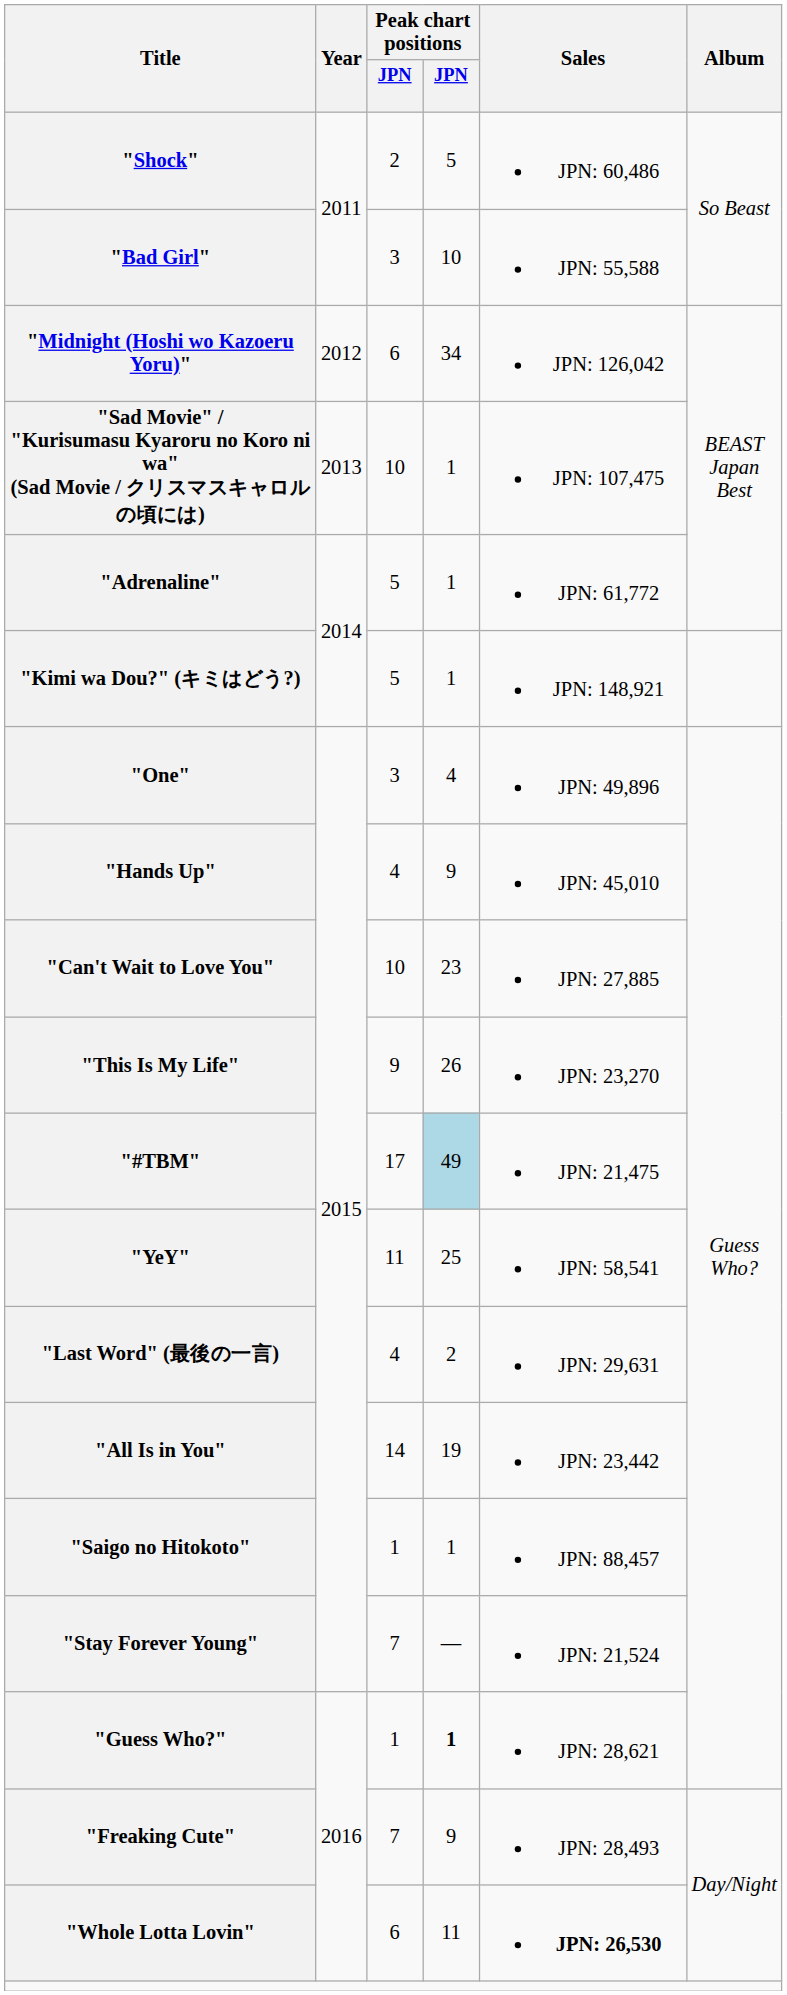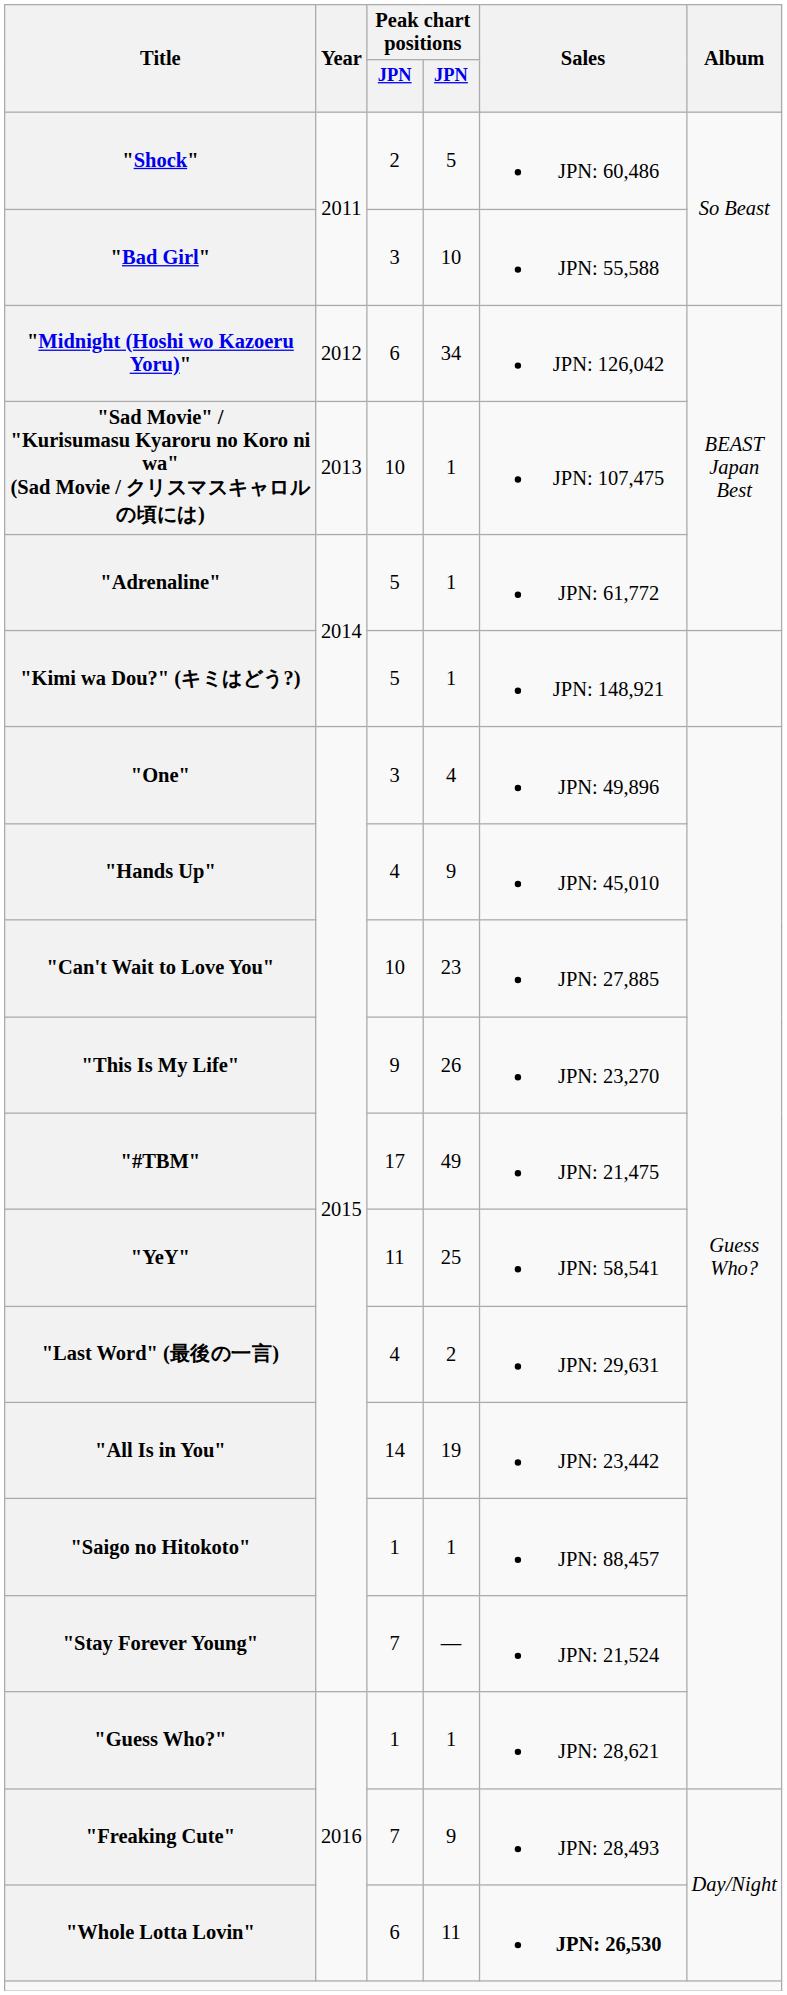 <table class="wikitable plainrowheaders" style="text-align:center;">
 <tr>
 <th scope="col" rowspan="2" style="width:20em;">Title</th>
 <th scope="col" rowspan="2">Year</th>
 <th colspan="2">Peak chart positions</th>
 <th scope="col" rowspan="2" style="width:12em;">Sales</th>
 <th scope="col" rowspan="2">Album</th>
 </tr>
 <tr>
 <th scope="col" style="width:3em;font-size:90%;"><a href='#'>JPN<br></a><br></th>
 <th scope="col" style="width:3em;font-size:90%;"><a href='#'>JPN<br></a><br></th>
 </tr>
 <tr>
 <th scope="row">"<a href='#'>Shock</a>"</th>
 <td rowspan="2">2011</td>
 <td>2</td>
 <td>5</td>
 <td><br><ul><li>JPN: 60,486</li></ul></td>
 <td rowspan="2"><em>So Beast</em></td>
 </tr>
 <tr>
 <th scope="row">"<a href='#'>Bad Girl</a>"</th>
 <td>3</td>
 <td>10</td>
 <td><br><ul><li>JPN: 55,588</li></ul></td>
 </tr>
 <tr>
 <th scope="row">"<a href='#'>Midnight (Hoshi wo Kazoeru Yoru)</a>"</th>
 <td>2012</td>
 <td>6</td>
 <td>34</td>
 <td><br><ul><li>JPN: 126,042</li></ul></td>
 <td rowspan="3"><em>BEAST Japan Best</em></td>
 </tr>
 <tr>
 <th scope="row">"Sad Movie" /<br>"Kurisumasu Kyaroru no Koro ni wa"<br>(Sad Movie / クリスマスキャロルの頃には)</th>
 <td>2013</td>
 <td>10</td>
 <td>1</td>
 <td><br><ul><li>JPN: 107,475</li></ul></td>
 </tr>
 <tr>
 <th scope="row">"Adrenaline"</th>
 <td rowspan="2">2014</td>
 <td>5</td>
 <td>1</td>
 <td><br><ul><li>JPN: 61,772</li></ul></td>
 </tr>
 <tr>
 <th scope="row">"Kimi wa Dou?" (キミはどう?)</th>
 <td>5</td>
 <td>1</td>
 <td><br><ul><li>JPN: 148,921</li></ul></td>
 <td></td>
 </tr>
 <tr>
 <th scope="row">"One"</th>
 <td rowspan="10">2015</td>
 <td>3</td>
 <td>4</td>
 <td><br><ul><li>JPN: 49,896</li></ul></td>
 <td rowspan="11"><em>Guess Who?</em></td>
 </tr>
 <tr>
 <th scope="row">"Hands Up"</th>
 <td>4</td>
 <td>9</td>
 <td><br><ul><li>JPN: 45,010</li></ul></td>
 </tr>
 <tr>
 <th scope="row">"Can't Wait to Love You"</th>
 <td>10</td>
 <td>23</td>
 <td><br><ul><li>JPN: 27,885</li></ul></td>
 </tr>
 <tr>
 <th scope="row">"This Is My Life"</th>
 <td>9</td>
 <td>26</td>
 <td><br><ul><li>JPN: 23,270</li></ul></td>
 </tr>
 <tr>
 <th scope="row">"#TBM"</th>
 <td>17</td>
-<td style="background: lightblue;">49</td>
+<td>49</td>
 <td><br><ul><li>JPN: 21,475</li></ul></td>
 </tr>
 <tr>
 <th scope="row">"YeY"</th>
 <td>11</td>
 <td>25</td>
 <td><br><ul><li>JPN: 58,541</li></ul></td>
 </tr>
 <tr>
 <th scope="row">"Last Word" (最後の一言)</th>
 <td>4</td>
 <td>2</td>
 <td><br><ul><li>JPN: 29,631</li></ul></td>
 </tr>
 <tr>
 <th scope="row">"All Is in You"</th>
 <td>14</td>
 <td>19</td>
 <td><br><ul><li>JPN: 23,442</li></ul></td>
 </tr>
 <tr>
 <th scope="row">"Saigo no Hitokoto"</th>
 <td>1</td>
 <td>1</td>
 <td><br><ul><li>JPN: 88,457</li></ul></td>
 </tr>
 <tr>
 <th scope="row">"Stay Forever Young"</th>
 <td>7</td>
 <td>—</td>
 <td><br><ul><li>JPN: 21,524</li></ul></td>
 </tr>
 <tr>
 <th scope="row">"Guess Who?"</th>
 <td rowspan="3">2016</td>
 <td>1</td>
-<td><strong>1</strong></td>
+<td>1</td>
 <td><br><ul><li>JPN: 28,621</li></ul></td>
 </tr>
 <tr>
 <th scope="row">"Freaking Cute"</th>
 <td>7</td>
 <td>9</td>
 <td><br><ul><li>JPN: 28,493</li></ul></td>
 <td rowspan="2"><em>Day/Night</em></td>
 </tr>
 <tr>
 <th scope="row">"Whole Lotta Lovin"</th>
 <td>6</td>
 <td>11</td>
 <td><strong><br><ul><li>JPN: 26,530</li></ul></strong></td>
 </tr>
 <tr>
 <td colspan="6"></td>
 </tr>
 </table>
